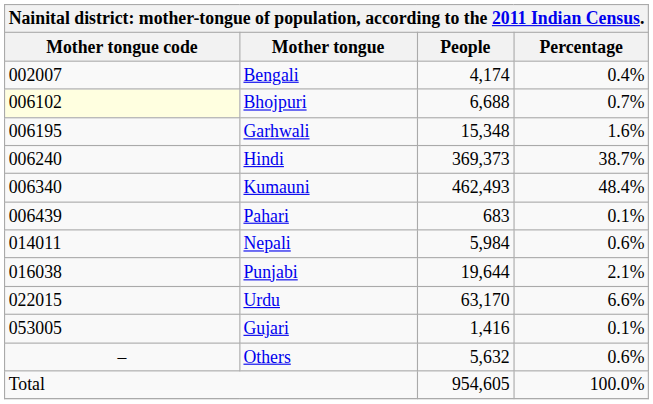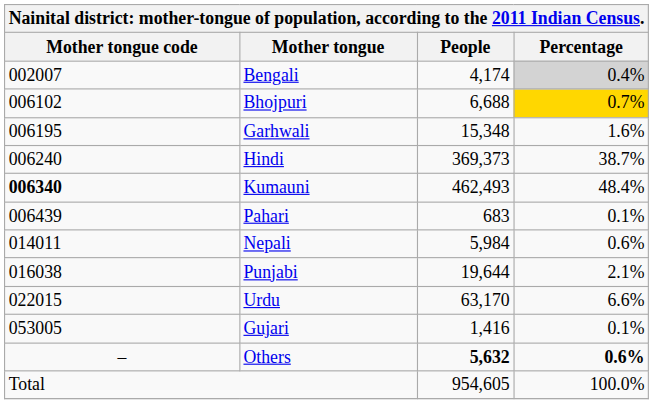 <table class="wikitable sortable mw-collapsible mw-collapsed">
 <tr valign=top>
 <th colspan=4>Nainital district: mother-tongue of population, according to the <a href='#'>2011 Indian Census</a>.</th>
 </tr>
 <tr valign=top>
 <th>Mother tongue code</th>
 <th>Mother tongue</th>
 <th>People</th>
 <th>Percentage</th>
 </tr>
 <tr valign=top>
 <td>002007</td>
 <td><a href='#'>Bengali</a></td>
 <td align=right>4,174</td>
-<td align=right>0.4%</td>
+<td align=right style="background: lightgrey;">0.4%</td>
 </tr>
 <tr valign=top>
-<td style="background: lightyellow;">006102</td>
+<td>006102</td>
 <td><a href='#'>Bhojpuri</a></td>
 <td align=right>6,688</td>
-<td align=right>0.7%</td>
+<td align=right style="background: gold;">0.7%</td>
 </tr>
 <tr valign=top>
 <td>006195</td>
 <td><a href='#'>Garhwali</a></td>
 <td align=right>15,348</td>
 <td align=right>1.6%</td>
 </tr>
 <tr valign=top>
 <td>006240</td>
 <td><a href='#'>Hindi</a></td>
 <td align=right>369,373</td>
 <td align=right>38.7%</td>
 </tr>
 <tr valign=top>
-<td>006340</td>
+<td><strong>006340</strong></td>
 <td><a href='#'>Kumauni</a></td>
 <td align=right>462,493</td>
 <td align=right>48.4%</td>
 </tr>
 <tr valign=top>
 <td>006439</td>
 <td><a href='#'>Pahari</a></td>
 <td align=right>683</td>
 <td align=right>0.1%</td>
 </tr>
 <tr valign=top>
 <td>014011</td>
 <td><a href='#'>Nepali</a></td>
 <td align=right>5,984</td>
 <td align=right>0.6%</td>
 </tr>
 <tr valign=top>
 <td>016038</td>
 <td><a href='#'>Punjabi</a></td>
 <td align=right>19,644</td>
 <td align=right>2.1%</td>
 </tr>
 <tr valign=top>
 <td>022015</td>
 <td><a href='#'>Urdu</a></td>
 <td align=right>63,170</td>
 <td align=right>6.6%</td>
 </tr>
 <tr valign=top>
 <td>053005</td>
 <td><a href='#'>Gujari</a></td>
 <td align=right>1,416</td>
 <td align=right>0.1%</td>
 </tr>
 <tr valign=top>
 <td align=center>–</td>
 <td><a href='#'>Others</a></td>
-<td align=right>5,632</td>
-<td align=right>0.6%</td>
+<td align=right><strong>5,632</strong></td>
+<td align=right><strong>0.6%</strong></td>
 </tr>
 <tr valign=top class=sortbottom>
 <td colspan=2>Total</td>
 <td align=right>954,605</td>
 <td align=right>100.0%</td>
 </tr>
 <tr>
 </tr>
 </table>
